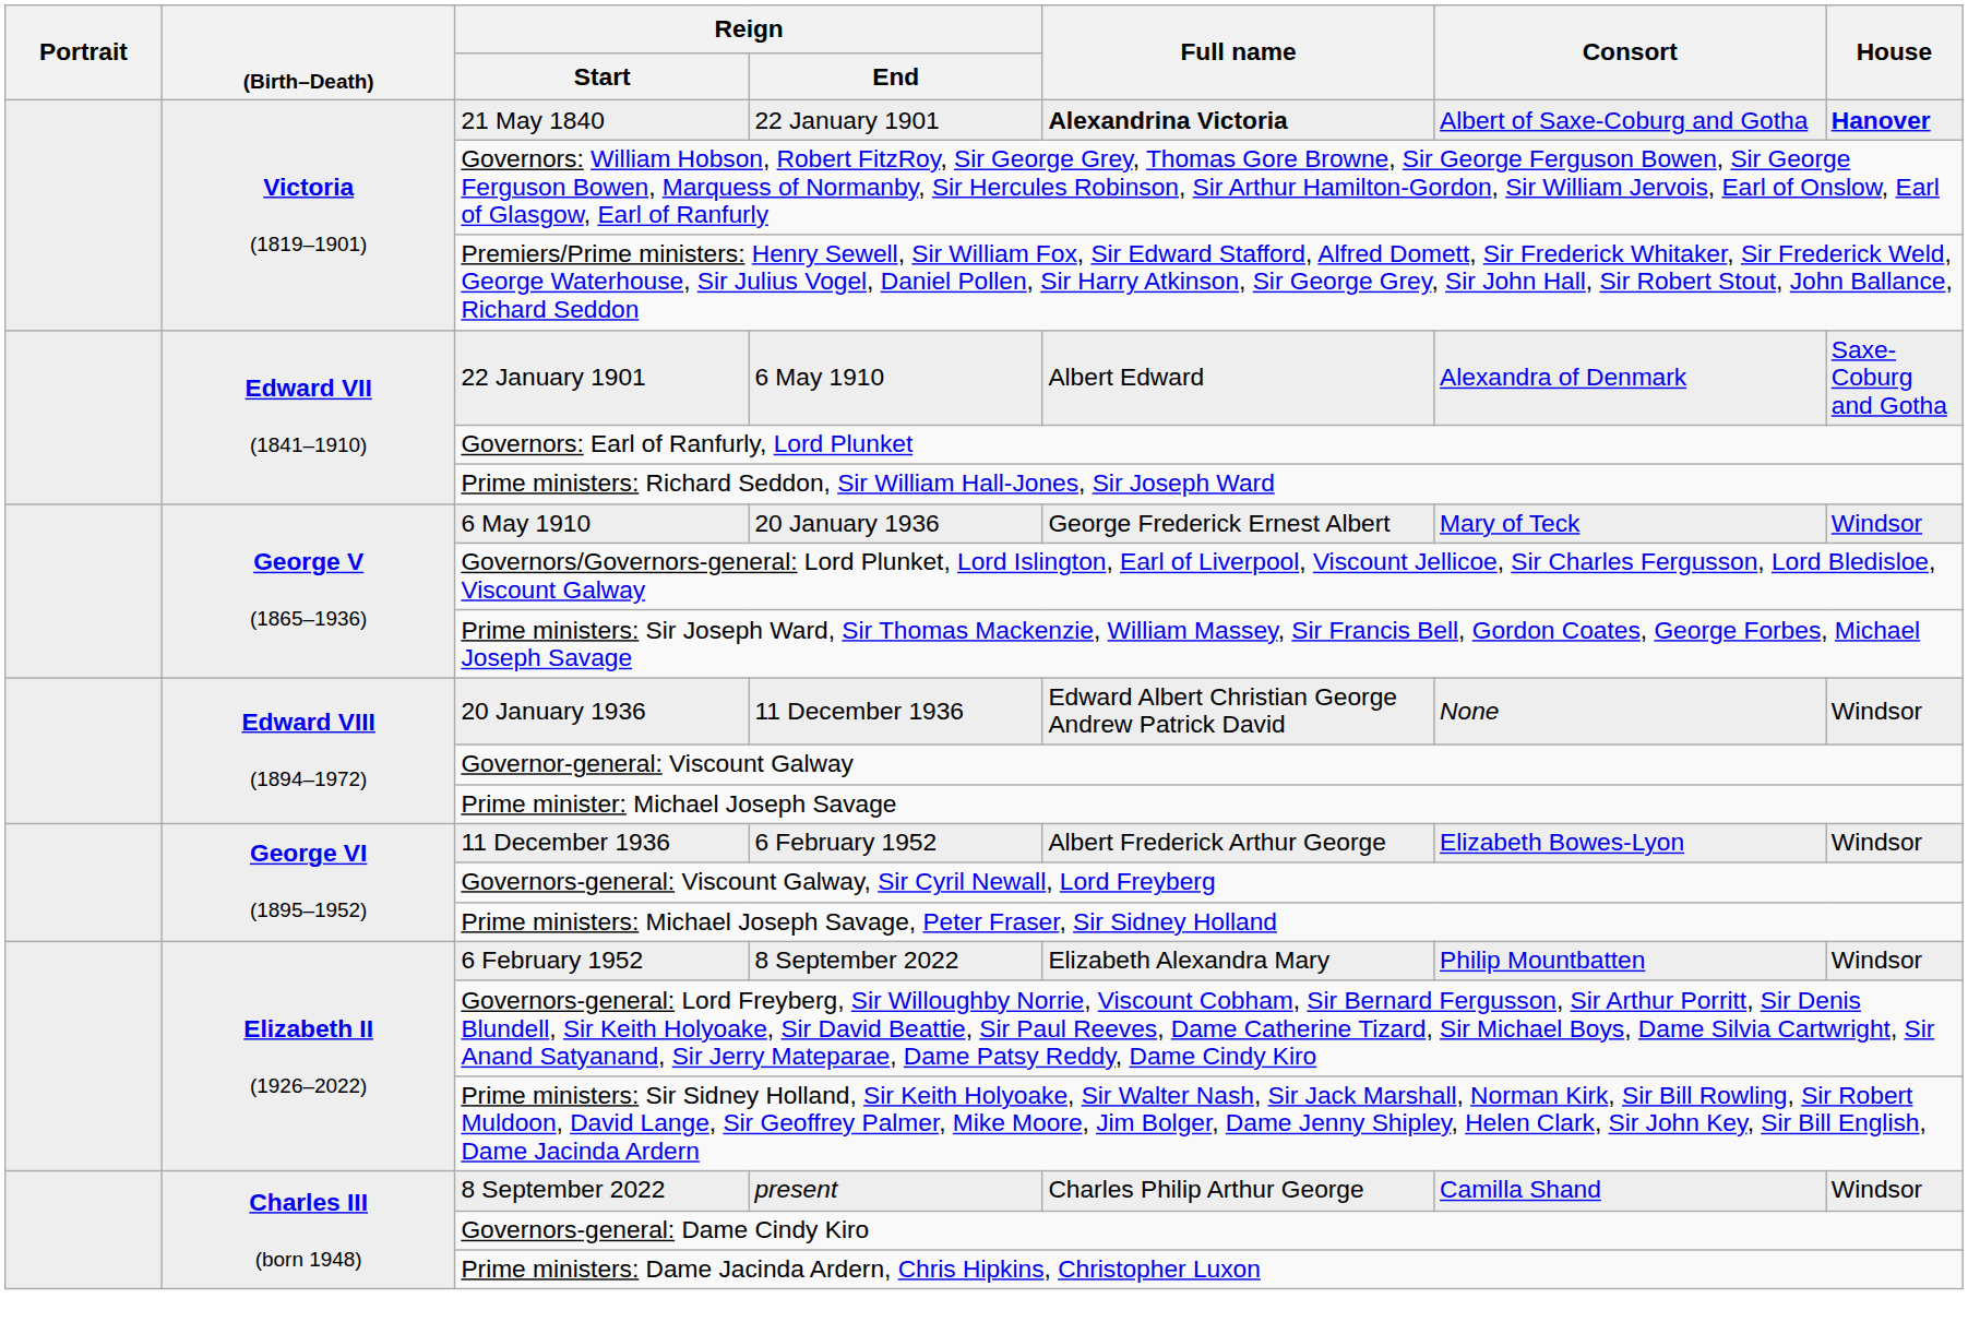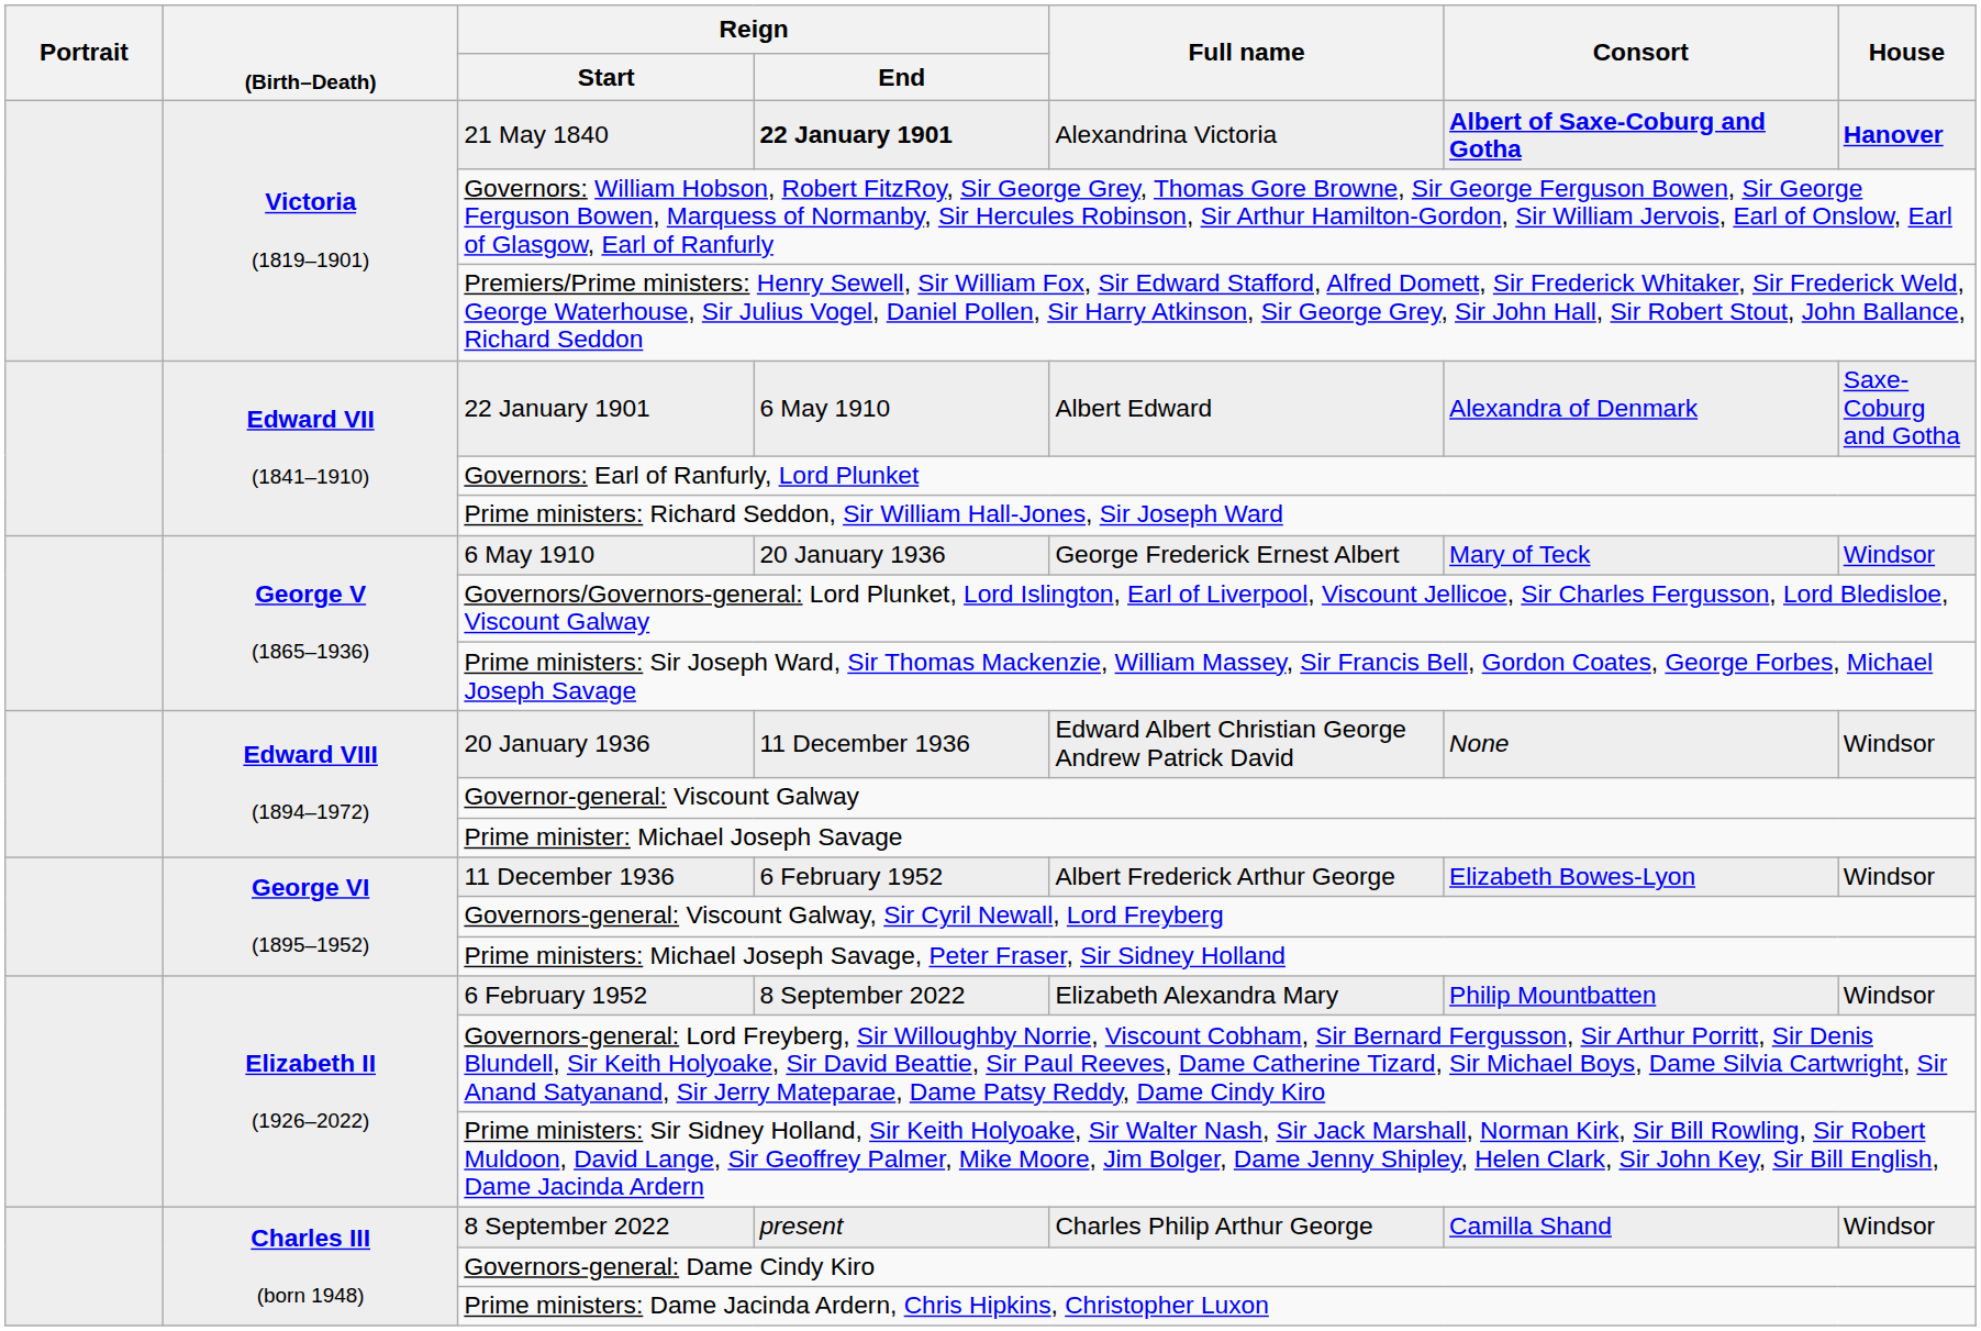 <table class="wikitable" style="width:100%;">
 <tr>
 <th rowspan="2" style="width:8%;">Portrait</th>
 <th rowspan="2" style="width:15%;"><br>  <br><small>(Birth–Death)</small></th>
 <th style="width:30%;" colspan=2>Reign</th>
 <th rowspan="2" style="width:20%;">Full name</th>
 <th rowspan="2" style="width:20%;">Consort</th>
 <th rowspan="2">House</th>
 </tr>
 <tr>
 <th>Start</th>
 <th>End</th>
 </tr>
 <tr style="background:#eee;">
 <td rowspan="3" align="center"></td>
 <td rowspan="3" align="center"><strong><a href='#'>Victoria</a></strong><br><br><small>(1819–1901)</small></td>
 <td>21 May 1840</td>
-<td>22 January 1901</td>
-<td><strong>Alexandrina Victoria</strong></td>
-<td><a href='#'>Albert of Saxe-Coburg and Gotha</a></td>
+<td><strong>22 January 1901</strong></td>
+<td>Alexandrina Victoria</td>
+<td><strong><a href='#'>Albert of Saxe-Coburg and Gotha</a></strong></td>
 <td><strong><a href='#'>Hanover</a></strong></td>
 </tr>
 <tr>
 <td colspan="5"><u>Governors:</u> <a href='#'>William Hobson</a>, <a href='#'>Robert FitzRoy</a>, <a href='#'>Sir George Grey</a>, <a href='#'>Thomas Gore Browne</a>, <a href='#'>Sir George Ferguson Bowen</a>, <a href='#'>Sir George Ferguson Bowen</a>, <a href='#'>Marquess of Normanby</a>, <a href='#'>Sir Hercules Robinson</a>, <a href='#'>Sir Arthur Hamilton-Gordon</a>, <a href='#'>Sir William Jervois</a>, <a href='#'>Earl of Onslow</a>, <a href='#'>Earl of Glasgow</a>, <a href='#'>Earl of Ranfurly</a></td>
 </tr>
 <tr>
 <td colspan="5"><u>Premiers/Prime ministers:</u> <a href='#'>Henry Sewell</a>, <a href='#'>Sir William Fox</a>, <a href='#'>Sir Edward Stafford</a>, <a href='#'>Alfred Domett</a>, <a href='#'>Sir Frederick Whitaker</a>, <a href='#'>Sir Frederick Weld</a>, <a href='#'>George Waterhouse</a>, <a href='#'>Sir Julius Vogel</a>, <a href='#'>Daniel Pollen</a>, <a href='#'>Sir Harry Atkinson</a>, <a href='#'>Sir George Grey</a>, <a href='#'>Sir John Hall</a>, <a href='#'>Sir Robert Stout</a>, <a href='#'>John Ballance</a>, <a href='#'>Richard Seddon</a></td>
 </tr>
 <tr style="background:#eee;">
 <td rowspan="3" align="center"></td>
 <td rowspan="3" align="center"><strong><a href='#'>Edward VII</a></strong><br><br><small>(1841–1910)</small></td>
 <td>22 January 1901</td>
 <td>6 May 1910</td>
 <td>Albert Edward</td>
 <td><a href='#'>Alexandra of Denmark</a></td>
 <td><a href='#'>Saxe-Coburg and Gotha</a></td>
 </tr>
 <tr>
 <td colspan="5"><u>Governors:</u> Earl of Ranfurly, <a href='#'>Lord Plunket</a></td>
 </tr>
 <tr>
 <td colspan="5"><u>Prime ministers:</u> Richard Seddon, <a href='#'>Sir William Hall-Jones</a>, <a href='#'>Sir Joseph Ward</a></td>
 </tr>
 <tr style="background:#eee;">
 <td rowspan="3" align="center"></td>
 <td rowspan="3" align="center"><strong><a href='#'>George V</a></strong><br><br><small>(1865–1936)</small></td>
 <td>6 May 1910</td>
 <td>20 January 1936</td>
 <td>George Frederick Ernest Albert</td>
 <td><a href='#'>Mary of Teck</a></td>
 <td><a href='#'>Windsor</a></td>
 </tr>
 <tr>
 <td colspan="5"><u>Governors/Governors-general:</u> Lord Plunket, <a href='#'>Lord Islington</a>, <a href='#'>Earl of Liverpool</a>, <a href='#'>Viscount Jellicoe</a>, <a href='#'>Sir Charles Fergusson</a>, <a href='#'>Lord Bledisloe</a>, <a href='#'>Viscount Galway</a></td>
 </tr>
 <tr>
 <td colspan="5"><u>Prime ministers:</u> Sir Joseph Ward, <a href='#'>Sir Thomas Mackenzie</a>, <a href='#'>William Massey</a>, <a href='#'>Sir Francis Bell</a>, <a href='#'>Gordon Coates</a>, <a href='#'>George Forbes</a>, <a href='#'>Michael Joseph Savage</a></td>
 </tr>
 <tr style="background:#eee;">
 <td rowspan="3" align="center"></td>
 <td rowspan="3" align="center"><strong><a href='#'>Edward&nbsp;VIII</a></strong><br><br><small>(1894–1972)</small></td>
 <td>20 January 1936</td>
 <td>11 December 1936</td>
 <td>Edward Albert Christian George Andrew Patrick David</td>
 <td><em>None</em></td>
 <td>Windsor</td>
 </tr>
 <tr>
 <td colspan="5"><u>Governor-general:</u> Viscount Galway</td>
 </tr>
 <tr>
 <td colspan="5"><u>Prime minister:</u> Michael Joseph Savage</td>
 </tr>
 <tr style="background:#eee;">
 <td rowspan="3" align="center"></td>
 <td rowspan="3" align="center"><strong><a href='#'>George VI</a></strong><br><br><small>(1895–1952)</small></td>
 <td>11 December 1936</td>
 <td>6 February 1952</td>
 <td>Albert Frederick Arthur George</td>
 <td><a href='#'>Elizabeth Bowes-Lyon</a></td>
 <td>Windsor</td>
 </tr>
 <tr>
 <td colspan="5"><u>Governors-general:</u> Viscount Galway, <a href='#'>Sir Cyril Newall</a>, <a href='#'>Lord Freyberg</a></td>
 </tr>
 <tr>
 <td colspan="5"><u>Prime ministers:</u> Michael Joseph Savage, <a href='#'>Peter Fraser</a>, <a href='#'>Sir Sidney Holland</a></td>
 </tr>
 <tr style="background:#eee;">
 <td rowspan=3 align="center"></td>
 <td rowspan=3 align="center"><strong><a href='#'>Elizabeth II</a></strong><br><br><small>(1926–2022)</small></td>
 <td>6 February 1952</td>
 <td>8 September 2022</td>
 <td>Elizabeth Alexandra Mary</td>
 <td><a href='#'>Philip Mountbatten</a></td>
 <td>Windsor</td>
 </tr>
 <tr>
 <td colspan="5"><u>Governors-general:</u> Lord Freyberg, <a href='#'>Sir Willoughby Norrie</a>, <a href='#'>Viscount Cobham</a>, <a href='#'>Sir Bernard Fergusson</a>, <a href='#'>Sir Arthur Porritt</a>, <a href='#'>Sir Denis Blundell</a>, <a href='#'>Sir Keith Holyoake</a>, <a href='#'>Sir David Beattie</a>, <a href='#'>Sir Paul Reeves</a>, <a href='#'>Dame Catherine Tizard</a>, <a href='#'>Sir Michael Boys</a>, <a href='#'>Dame Silvia Cartwright</a>, <a href='#'>Sir Anand Satyanand</a>, <a href='#'>Sir Jerry Mateparae</a>, <a href='#'>Dame Patsy Reddy</a>, <a href='#'>Dame Cindy Kiro</a></td>
 </tr>
 <tr>
 <td colspan="5"><u>Prime ministers:</u> Sir Sidney Holland, <a href='#'>Sir Keith Holyoake</a>, <a href='#'>Sir Walter Nash</a>, <a href='#'>Sir Jack Marshall</a>, <a href='#'>Norman Kirk</a>, <a href='#'>Sir Bill Rowling</a>, <a href='#'>Sir Robert Muldoon</a>, <a href='#'>David Lange</a>, <a href='#'>Sir Geoffrey Palmer</a>, <a href='#'>Mike Moore</a>, <a href='#'>Jim Bolger</a>, <a href='#'>Dame Jenny Shipley</a>, <a href='#'>Helen Clark</a>, <a href='#'>Sir John Key</a>, <a href='#'>Sir Bill English</a>, <a href='#'>Dame Jacinda Ardern</a></td>
 </tr>
 <tr style="background:#eee;">
 <td rowspan=3 align="center"></td>
 <td rowspan=3 align="center"><strong><a href='#'>Charles III</a></strong><br><br><small>(born 1948)</small></td>
 <td>8 September 2022</td>
 <td><em>present</em></td>
 <td>Charles Philip Arthur George</td>
 <td><a href='#'>Camilla Shand</a></td>
 <td>Windsor</td>
 </tr>
 <tr>
 <td colspan="5"><u>Governors-general:</u> Dame Cindy Kiro</td>
 </tr>
 <tr>
 <td colspan="5"><u>Prime ministers:</u> Dame Jacinda Ardern, <a href='#'>Chris Hipkins</a>, <a href='#'>Christopher Luxon</a></td>
 </tr>
 </table>
